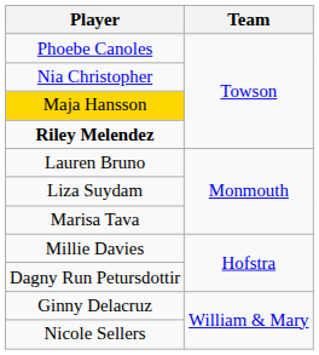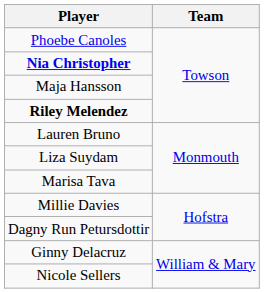 <table class="wikitable" style="text-align: center;">
 <tr>
 <th>Player</th>
 <th>Team</th>
 </tr>
 <tr>
 <td><a href='#'>Phoebe Canoles</a></td>
 <td rowspan=4><a href='#'>Towson</a></td>
 </tr>
 <tr>
-<td><a href='#'>Nia Christopher</a></td>
+<td><strong><a href='#'>Nia Christopher</a></strong></td>
 </tr>
 <tr>
-<td style="background: gold;">Maja Hansson</td>
+<td>Maja Hansson</td>
 </tr>
 <tr>
 <td><strong>Riley Melendez</strong></td>
 </tr>
 <tr>
 <td>Lauren Bruno</td>
 <td rowspan=3><a href='#'>Monmouth</a></td>
 </tr>
 <tr>
 <td>Liza Suydam</td>
 </tr>
 <tr>
 <td>Marisa Tava</td>
 </tr>
 <tr>
 <td>Millie Davies</td>
 <td rowspan=2><a href='#'>Hofstra</a></td>
 </tr>
 <tr>
 <td>Dagny Run Petursdottir</td>
 </tr>
 <tr>
 <td>Ginny Delacruz</td>
 <td rowspan=2><a href='#'>William & Mary</a></td>
 </tr>
 <tr>
 <td>Nicole Sellers</td>
 </tr>
 </table>
